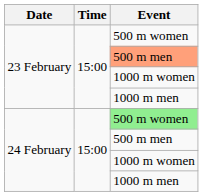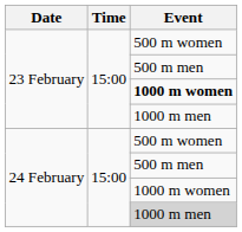 <table class="wikitable" border="1">
 <tr>
 <th>Date</th>
 <th>Time</th>
 <th>Event</th>
 </tr>
 <tr>
 <td rowspan=4>23 February</td>
 <td rowspan=4>15:00</td>
 <td>500 m women</td>
 </tr>
 <tr>
-<td style="background: lightsalmon;">500 m men</td>
+<td>500 m men</td>
 </tr>
 <tr>
-<td>1000 m women</td>
+<td><strong>1000 m women</strong></td>
 </tr>
 <tr>
 <td>1000 m men</td>
 </tr>
 <tr>
 <td rowspan=4>24 February</td>
 <td rowspan=4>15:00</td>
-<td style="background: lightgreen;">500 m women</td>
+<td>500 m women</td>
 </tr>
 <tr>
 <td>500 m men</td>
 </tr>
 <tr>
 <td>1000 m women</td>
 </tr>
 <tr>
-<td>1000 m men</td>
+<td style="background: lightgrey;">1000 m men</td>
 </tr>
 </table>
